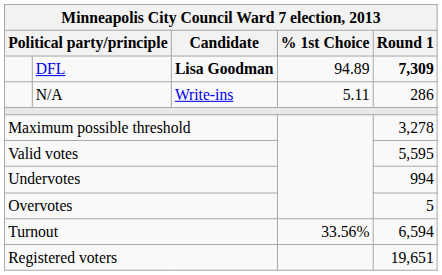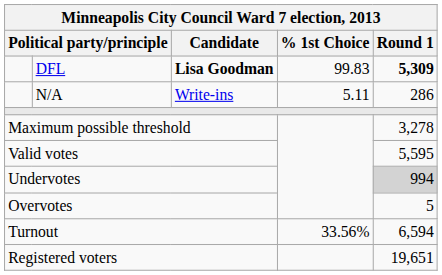 <table class="wikitable" style="font-size:95%">
 <tr>
 <th colspan="5">Minneapolis City Council Ward 7 election, 2013</th>
 </tr>
 <tr>
 <th colspan="2">Political party/principle</th>
 <th>Candidate</th>
 <th>% 1st Choice</th>
 <th>Round 1</th>
 </tr>
 <tr>
 <td style="background-color:"></td>
 <td><a href='#'>DFL</a></td>
 <td><strong>Lisa Goodman</strong></td>
-<td align="right">94.89</td>
-<td align="right"><strong>7,309</strong></td>
+<td align="right">99.83</td>
+<td align="right"><strong>5,309</strong></td>
 </tr>
 <tr>
 <td style="background-color:"></td>
 <td>N/A</td>
 <td><a href='#'>Write-ins</a></td>
 <td align="right">5.11</td>
 <td align="right">286</td>
 </tr>
 <tr>
 <td colspan="5" style="background: #E9E9E9"></td>
 </tr>
 <tr>
 <td colspan="3">Maximum possible threshold</td>
 <td rowspan="4"></td>
 <td align="right">3,278</td>
 </tr>
 <tr>
 <td colspan="3">Valid votes</td>
 <td align="right">5,595</td>
 </tr>
 <tr>
 <td colspan="3">Undervotes</td>
-<td align="right">994</td>
+<td align="right" style="background: lightgrey;">994</td>
 </tr>
 <tr>
 <td colspan="3">Overvotes</td>
 <td align="right">5</td>
 </tr>
 <tr>
 <td colspan="3">Turnout</td>
 <td align="right">33.56%</td>
 <td align="right">6,594</td>
 </tr>
 <tr>
 <td colspan="3">Registered voters</td>
 <td></td>
 <td align="right">19,651</td>
 </tr>
 </table>
